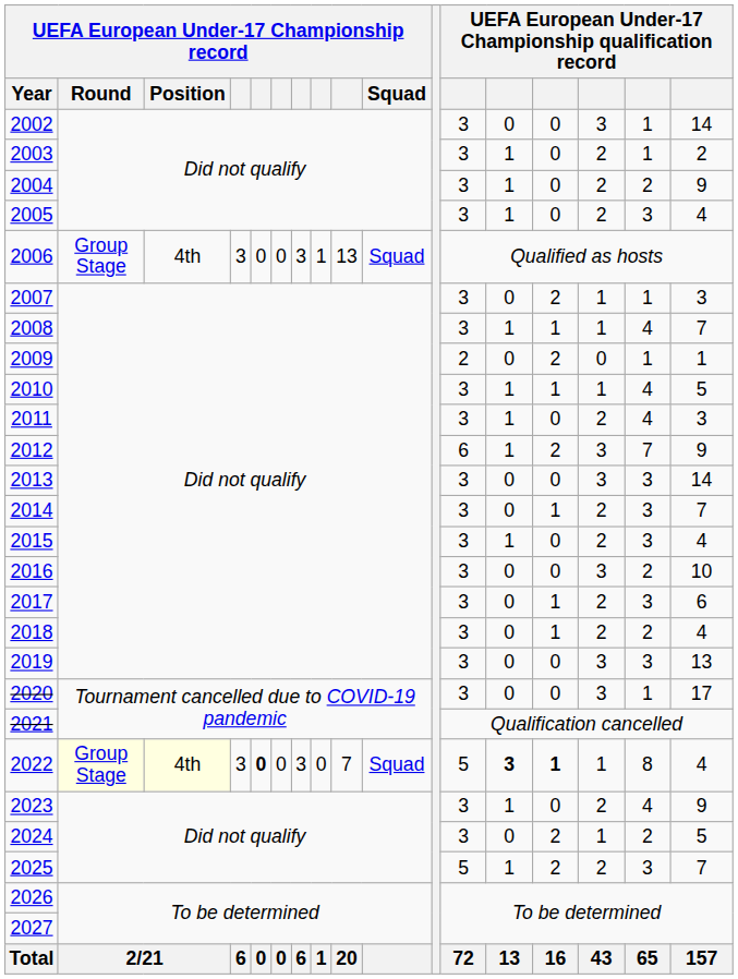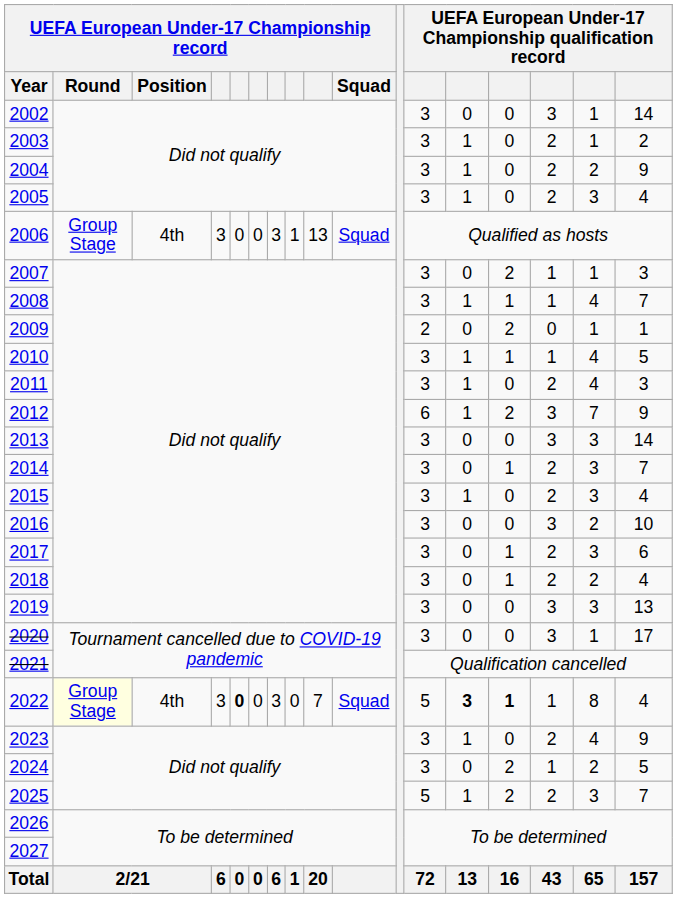 <table class="wikitable" style="text-align: center;">
 <tr>
 <th colspan=10><a href='#'>UEFA European Under-17 Championship record</a></th>
 <th style="width:1%;" rowspan="29"></th>
 <th colspan=6>UEFA European Under-17 Championship qualification record</th>
 </tr>
 <tr>
 <th>Year</th>
 <th>Round</th>
 <th>Position</th>
 <th></th>
 <th></th>
 <th></th>
 <th></th>
 <th></th>
 <th></th>
 <th>Squad</th>
 <th></th>
 <th></th>
 <th></th>
 <th></th>
 <th></th>
 <th></th>
 </tr>
 <tr>
 <td> <a href='#'>2002</a></td>
 <td rowspan=4 colspan=9><em>Did not qualify</em></td>
 <td>3</td>
 <td>0</td>
 <td>0</td>
 <td>3</td>
 <td>1</td>
 <td>14</td>
 </tr>
 <tr>
 <td> <a href='#'>2003</a></td>
 <td>3</td>
 <td>1</td>
 <td>0</td>
 <td>2</td>
 <td>1</td>
 <td>2</td>
 </tr>
 <tr>
 <td> <a href='#'>2004</a></td>
 <td>3</td>
 <td>1</td>
 <td>0</td>
 <td>2</td>
 <td>2</td>
 <td>9</td>
 </tr>
 <tr>
 <td> <a href='#'>2005</a></td>
 <td>3</td>
 <td>1</td>
 <td>0</td>
 <td>2</td>
 <td>3</td>
 <td>4</td>
 </tr>
 <tr>
 <td> <a href='#'>2006</a></td>
 <td><a href='#'>Group Stage</a></td>
 <td>4th</td>
 <td>3</td>
 <td>0</td>
 <td>0</td>
 <td>3</td>
 <td>1</td>
 <td>13</td>
 <td><a href='#'>Squad</a></td>
 <td colspan=6><em>Qualified as hosts</em></td>
 </tr>
 <tr>
 <td> <a href='#'>2007</a></td>
 <td rowspan=13 colspan=9><em>Did not qualify</em></td>
 <td>3</td>
 <td>0</td>
 <td>2</td>
 <td>1</td>
 <td>1</td>
 <td>3</td>
 </tr>
 <tr>
 <td> <a href='#'>2008</a></td>
 <td>3</td>
 <td>1</td>
 <td>1</td>
 <td>1</td>
 <td>4</td>
 <td>7</td>
 </tr>
 <tr>
 <td> <a href='#'>2009</a></td>
 <td>2</td>
 <td>0</td>
 <td>2</td>
 <td>0</td>
 <td>1</td>
 <td>1</td>
 </tr>
 <tr>
 <td> <a href='#'>2010</a></td>
 <td>3</td>
 <td>1</td>
 <td>1</td>
 <td>1</td>
 <td>4</td>
 <td>5</td>
 </tr>
 <tr>
 <td> <a href='#'>2011</a></td>
 <td>3</td>
 <td>1</td>
 <td>0</td>
 <td>2</td>
 <td>4</td>
 <td>3</td>
 </tr>
 <tr>
 <td> <a href='#'>2012</a></td>
 <td>6</td>
 <td>1</td>
 <td>2</td>
 <td>3</td>
 <td>7</td>
 <td>9</td>
 </tr>
 <tr>
 <td> <a href='#'>2013</a></td>
 <td>3</td>
 <td>0</td>
 <td>0</td>
 <td>3</td>
 <td>3</td>
 <td>14</td>
 </tr>
 <tr>
 <td> <a href='#'>2014</a></td>
 <td>3</td>
 <td>0</td>
 <td>1</td>
 <td>2</td>
 <td>3</td>
 <td>7</td>
 </tr>
 <tr>
 <td> <a href='#'>2015</a></td>
 <td>3</td>
 <td>1</td>
 <td>0</td>
 <td>2</td>
 <td>3</td>
 <td>4</td>
 </tr>
 <tr>
 <td> <a href='#'>2016</a></td>
 <td>3</td>
 <td>0</td>
 <td>0</td>
 <td>3</td>
 <td>2</td>
 <td>10</td>
 </tr>
 <tr>
 <td> <a href='#'>2017</a></td>
 <td>3</td>
 <td>0</td>
 <td>1</td>
 <td>2</td>
 <td>3</td>
 <td>6</td>
 </tr>
 <tr>
 <td> <a href='#'>2018</a></td>
 <td>3</td>
 <td>0</td>
 <td>1</td>
 <td>2</td>
 <td>2</td>
 <td>4</td>
 </tr>
 <tr>
 <td> <a href='#'>2019</a></td>
 <td>3</td>
 <td>0</td>
 <td>0</td>
 <td>3</td>
 <td>3</td>
 <td>13</td>
 </tr>
 <tr>
 <td> <s><a href='#'>2020</a></s></td>
 <td rowspan=2 colspan=9><em>Tournament cancelled due to <a href='#'>COVID-19 pandemic</a></em></td>
 <td>3</td>
 <td>0</td>
 <td>0</td>
 <td>3</td>
 <td>1</td>
 <td>17</td>
 </tr>
 <tr>
 <td> <s><a href='#'>2021</a></s></td>
 <td colspan=6><em>Qualification cancelled</em></td>
 </tr>
 <tr>
 <td> <a href='#'>2022</a></td>
 <td style="background: lightyellow;"><a href='#'>Group Stage</a></td>
-<td style="background: lightyellow;">4th</td>
+<td>4th</td>
 <td>3</td>
 <td><strong>0</strong></td>
 <td>0</td>
 <td>3</td>
 <td>0</td>
 <td>7</td>
 <td><a href='#'>Squad</a></td>
 <td>5</td>
 <td><strong>3</strong></td>
 <td><strong>1</strong></td>
 <td>1</td>
 <td>8</td>
 <td>4</td>
 </tr>
 <tr>
 <td> <a href='#'>2023</a></td>
 <td rowspan=3 colspan=9><em>Did not qualify</em></td>
 <td>3</td>
 <td>1</td>
 <td>0</td>
 <td>2</td>
 <td>4</td>
 <td>9</td>
 </tr>
 <tr>
 <td> <a href='#'>2024</a></td>
 <td>3</td>
 <td>0</td>
 <td>2</td>
 <td>1</td>
 <td>2</td>
 <td>5</td>
 </tr>
 <tr>
 <td> <a href='#'>2025</a></td>
 <td>5</td>
 <td>1</td>
 <td>2</td>
 <td>2</td>
 <td>3</td>
 <td>7</td>
 </tr>
 <tr>
 <td> <a href='#'>2026</a></td>
 <td rowspan=2 colspan=9><em>To be determined</em></td>
 <td rowspan=2 colspan=6><em>To be determined</em></td>
 </tr>
 <tr>
 <td> <a href='#'>2027</a></td>
 </tr>
 <tr>
 <th>Total</th>
 <th colspan=2>2/21</th>
 <th>6</th>
 <th>0</th>
 <th>0</th>
 <th>6</th>
 <th>1</th>
 <th>20</th>
 <th></th>
 <th>72</th>
 <th>13</th>
 <th>16</th>
 <th>43</th>
 <th>65</th>
 <th>157</th>
 </tr>
 </table>
